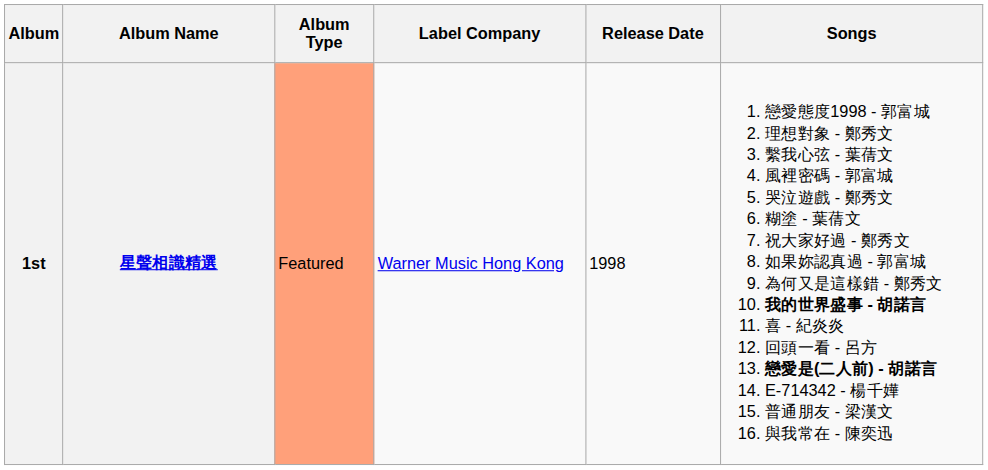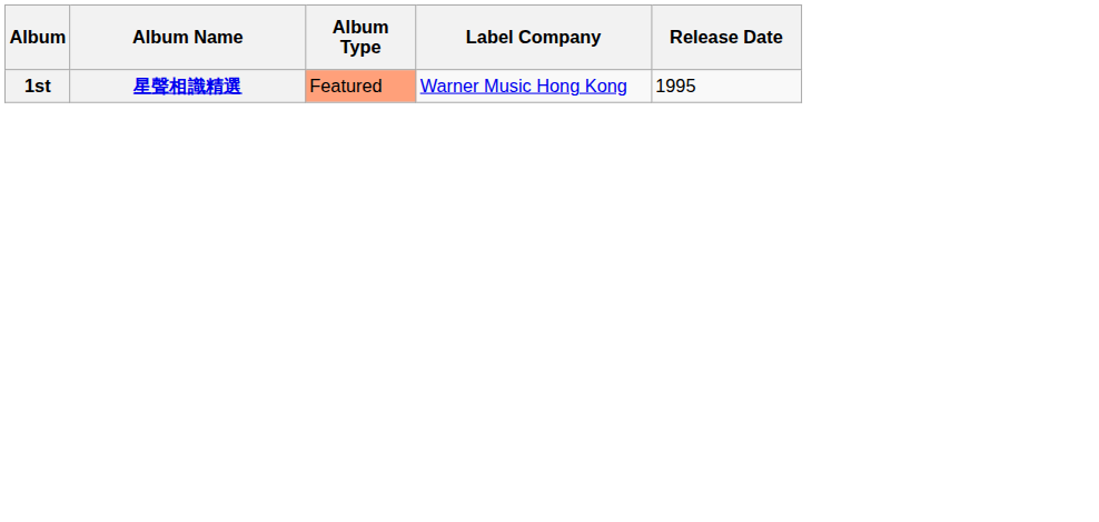 <table class="wikitable">
 <tr>
 <th width="50px" align="left">Album</th>
 <th width="200px" align="left">Album Name</th>
 <th width="90px" align="left">Album Type</th>
 <th width="200px" align="left"><blockquote>Label Company</blockquote></th>
 <th width="125px" align="left">Release Date</th>
-<th width="250px" align="left">Songs</th>
 </tr>
 <tr>
 <th>1st</th>
 <th><a href='#'>星聲相識精選</a></th>
 <td style="background: lightsalmon;">Featured</td>
 <td><a href='#'>Warner Music Hong Kong</a></td>
-<td>1998</td>
-<td><br><ol><li>戀愛態度1998 - 郭富城</li><li>理想對象 - 鄭秀文</li><li>繫我心弦 - 葉蒨文</li><li>風裡密碼 - 郭富城</li><li>哭泣遊戲 - 鄭秀文</li><li>糊塗 - 葉蒨文</li><li>祝大家好過 - 鄭秀文</li><li>如果妳認真過 - 郭富城</li><li>為何又是這樣錯 - 鄭秀文</li><li><strong>我的世界盛事 - 胡諾言</strong></li><li>喜 - 紀炎炎</li><li>回頭一看 - 呂方</li><li><strong>戀愛是(二人前) - 胡諾言</strong></li><li>E-714342 - 楊千嬅</li><li>普通朋友 - 梁漢文</li><li>與我常在 - 陳奕迅</li></ol></td>
+<td>1995</td>
 </tr>
 </table>
